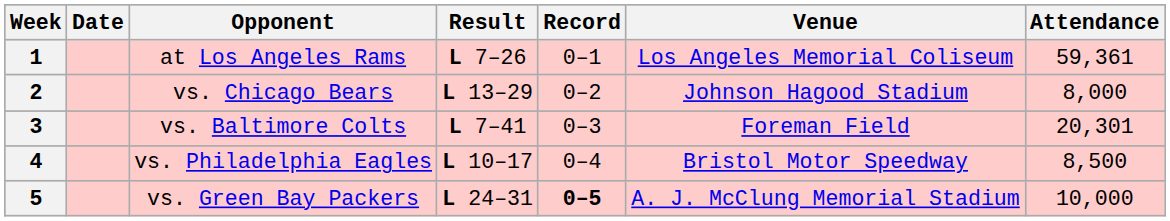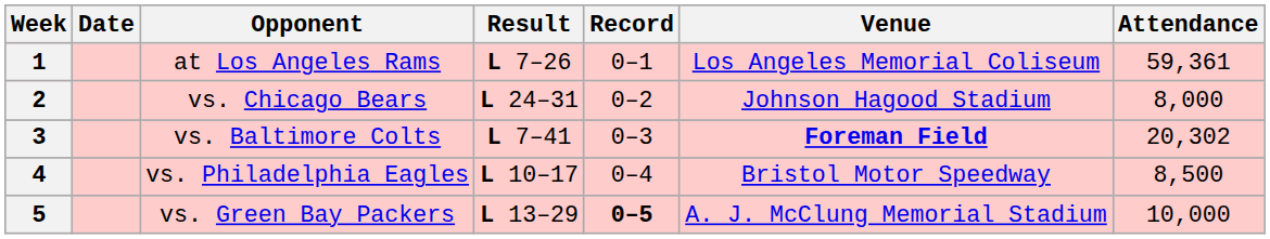 <table class="wikitable" style="text-align:center">
 <tr>
 <th>Week</th>
 <th>Date</th>
 <th>Opponent</th>
 <th>Result</th>
 <th>Record</th>
 <th>Venue</th>
 <th>Attendance</th>
 </tr>
 <tr style="background:#fcc;">
 <th>1</th>
 <td></td>
 <td>at <a href='#'>Los Angeles Rams</a></td>
 <td><strong>L</strong> 7–26</td>
 <td>0–1</td>
 <td><a href='#'>Los Angeles Memorial Coliseum</a></td>
 <td>59,361</td>
 </tr>
 <tr style="background:#fcc;">
 <th>2</th>
 <td></td>
 <td>vs. <a href='#'>Chicago Bears</a></td>
-<td><strong>L</strong> 13–29</td>
+<td><strong>L</strong> 24–31</td>
 <td>0–2</td>
 <td><a href='#'>Johnson Hagood Stadium</a> </td>
 <td>8,000</td>
 </tr>
 <tr style="background:#fcc;">
 <th>3</th>
 <td></td>
 <td>vs. <a href='#'>Baltimore Colts</a></td>
 <td><strong>L</strong> 7–41</td>
 <td>0–3</td>
-<td><a href='#'>Foreman Field</a> </td>
-<td>20,301</td>
+<td><strong><a href='#'>Foreman Field</a> </strong></td>
+<td>20,302</td>
 </tr>
 <tr style="background:#fcc;">
 <th>4</th>
 <td></td>
 <td>vs. <a href='#'>Philadelphia Eagles</a></td>
 <td><strong>L</strong> 10–17</td>
 <td>0–4</td>
 <td><a href='#'>Bristol Motor Speedway</a> </td>
 <td>8,500</td>
 </tr>
 <tr style="background:#fcc;">
 <th>5</th>
 <td></td>
 <td>vs. <a href='#'>Green Bay Packers</a></td>
-<td><strong>L</strong> 24–31</td>
+<td><strong>L</strong> 13–29</td>
 <td><strong>0–5</strong></td>
 <td><a href='#'>A. J. McClung Memorial Stadium</a> </td>
 <td>10,000</td>
 </tr>
 </table>
